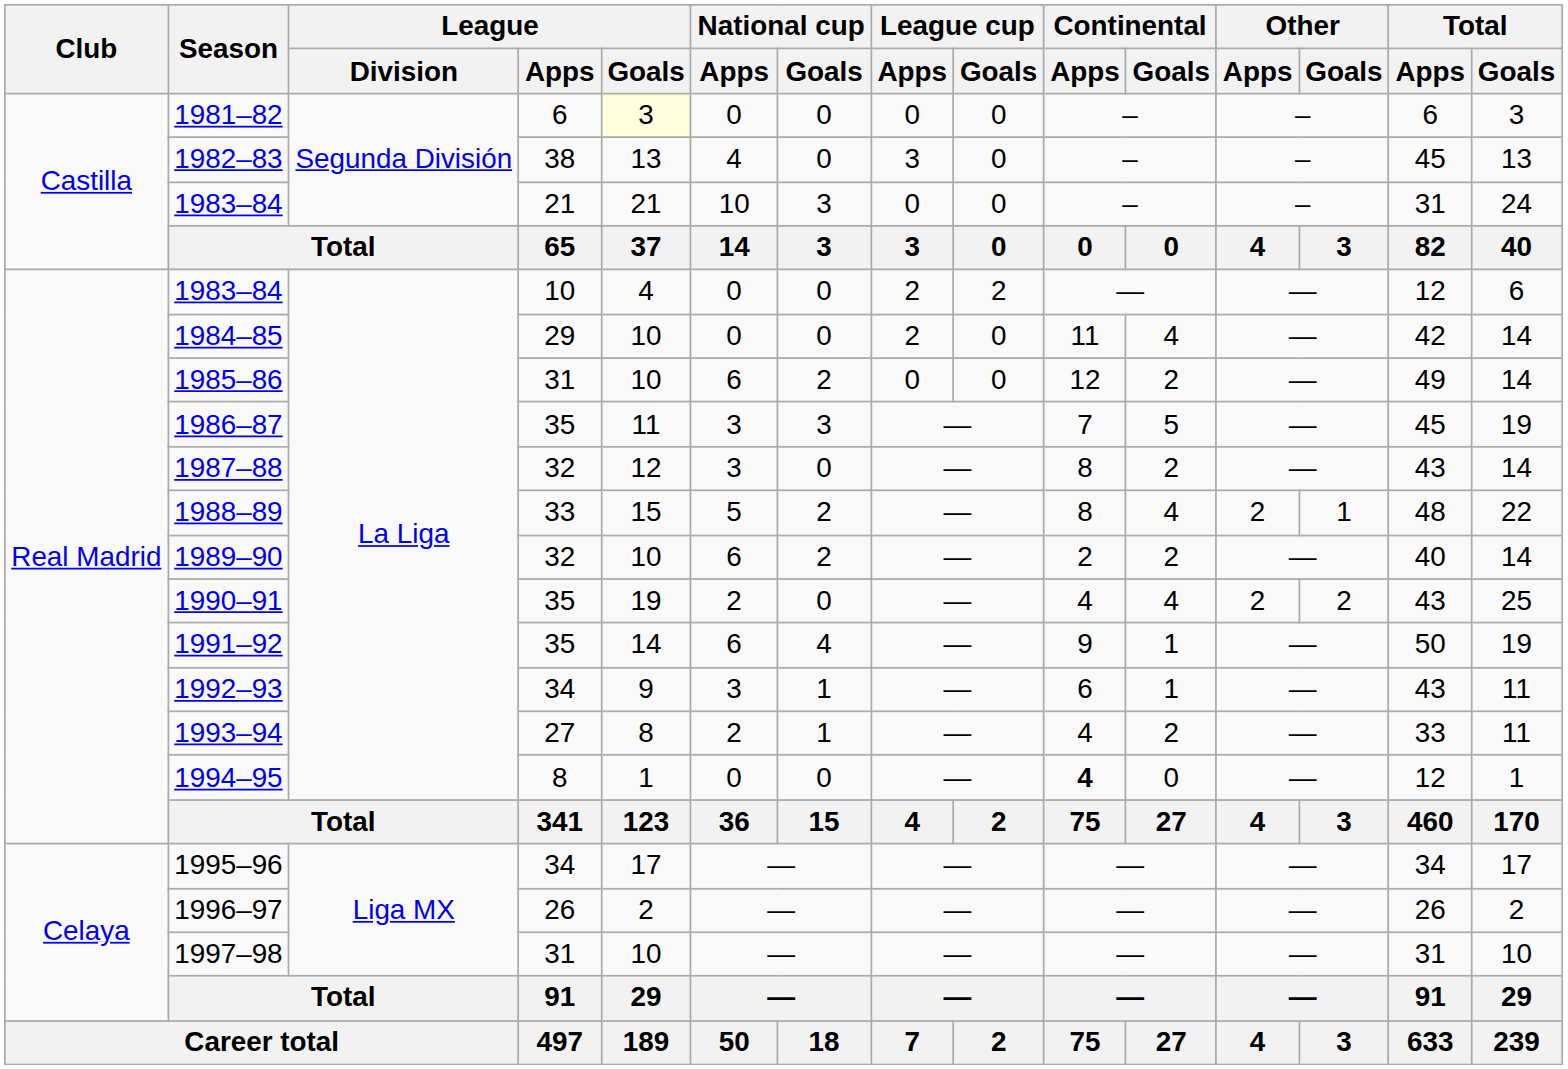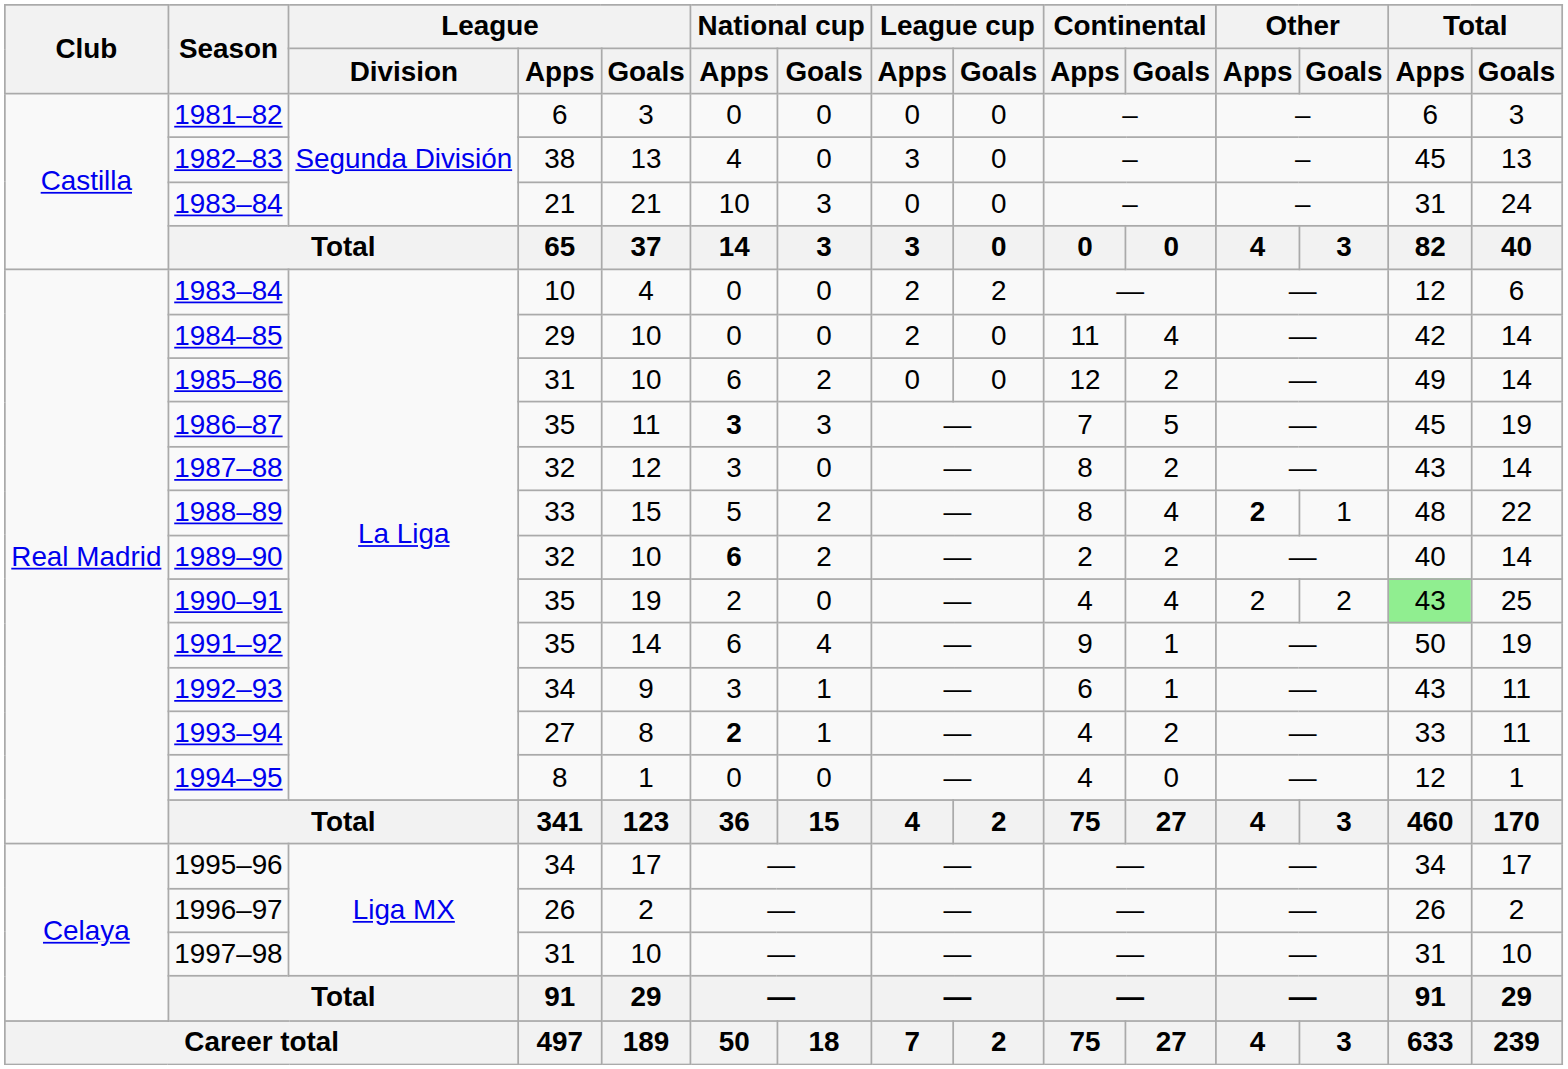 <table class="wikitable" style="text-align:center">
 <tr>
 <th rowspan="2">Club</th>
 <th rowspan="2">Season</th>
 <th colspan="3">League</th>
 <th colspan="2">National cup</th>
 <th colspan="2">League cup</th>
 <th colspan="2">Continental</th>
 <th colspan="2">Other</th>
 <th colspan="2">Total</th>
 </tr>
 <tr>
 <th>Division</th>
 <th>Apps</th>
 <th>Goals</th>
 <th>Apps</th>
 <th>Goals</th>
 <th>Apps</th>
 <th>Goals</th>
 <th>Apps</th>
 <th>Goals</th>
 <th>Apps</th>
 <th>Goals</th>
 <th>Apps</th>
 <th>Goals</th>
 </tr>
 <tr>
 <td rowspan="4"><a href='#'>Castilla</a></td>
 <td><a href='#'>1981–82</a></td>
 <td rowspan="3"><a href='#'>Segunda División</a></td>
 <td>6</td>
-<td style="background: lightyellow;">3</td>
+<td>3</td>
 <td>0</td>
 <td>0</td>
 <td>0</td>
 <td>0</td>
 <td colspan="2">–</td>
 <td colspan="2">–</td>
 <td>6</td>
 <td>3</td>
 </tr>
 <tr>
 <td><a href='#'>1982–83</a></td>
 <td>38</td>
 <td>13</td>
 <td>4</td>
 <td>0</td>
 <td>3</td>
 <td>0</td>
 <td colspan="2">–</td>
 <td colspan="2">–</td>
 <td>45</td>
 <td>13</td>
 </tr>
 <tr>
 <td><a href='#'>1983–84</a></td>
 <td>21</td>
 <td>21</td>
 <td>10</td>
 <td>3</td>
 <td>0</td>
 <td>0</td>
 <td colspan="2">–</td>
 <td colspan="2">–</td>
 <td>31</td>
 <td>24</td>
 </tr>
 <tr>
 <th colspan="2">Total</th>
 <th>65</th>
 <th>37</th>
 <th>14</th>
 <th>3</th>
 <th>3</th>
 <th>0</th>
 <th>0</th>
 <th>0</th>
 <th>4</th>
 <th>3</th>
 <th>82</th>
 <th>40</th>
 </tr>
 <tr>
 <td rowspan="13"><a href='#'>Real Madrid</a></td>
 <td><a href='#'>1983–84</a></td>
 <td rowspan="12"><a href='#'>La Liga</a></td>
 <td>10</td>
 <td>4</td>
 <td>0</td>
 <td>0</td>
 <td>2</td>
 <td>2</td>
 <td colspan="2">—</td>
 <td colspan="2">—</td>
 <td>12</td>
 <td>6</td>
 </tr>
 <tr>
 <td><a href='#'>1984–85</a></td>
 <td>29</td>
 <td>10</td>
 <td>0</td>
 <td>0</td>
 <td>2</td>
 <td>0</td>
 <td>11</td>
 <td>4</td>
 <td colspan="2">—</td>
 <td>42</td>
 <td>14</td>
 </tr>
 <tr>
 <td><a href='#'>1985–86</a></td>
 <td>31</td>
 <td>10</td>
 <td>6</td>
 <td>2</td>
 <td>0</td>
 <td>0</td>
 <td>12</td>
 <td>2</td>
 <td colspan="2">—</td>
 <td>49</td>
 <td>14</td>
 </tr>
 <tr>
 <td><a href='#'>1986–87</a></td>
 <td>35</td>
 <td>11</td>
-<td>3</td>
+<td><strong>3</strong></td>
 <td>3</td>
 <td colspan="2">—</td>
 <td>7</td>
 <td>5</td>
 <td colspan="2">—</td>
 <td>45</td>
 <td>19</td>
 </tr>
 <tr>
 <td><a href='#'>1987–88</a></td>
 <td>32</td>
 <td>12</td>
 <td>3</td>
 <td>0</td>
 <td colspan="2">—</td>
 <td>8</td>
 <td>2</td>
 <td colspan="2">—</td>
 <td>43</td>
 <td>14</td>
 </tr>
 <tr>
 <td><a href='#'>1988–89</a></td>
 <td>33</td>
 <td>15</td>
 <td>5</td>
 <td>2</td>
 <td colspan="2">—</td>
 <td>8</td>
 <td>4</td>
-<td>2</td>
+<td><strong>2</strong></td>
 <td>1</td>
 <td>48</td>
 <td>22</td>
 </tr>
 <tr>
 <td><a href='#'>1989–90</a></td>
 <td>32</td>
 <td>10</td>
-<td>6</td>
+<td><strong>6</strong></td>
 <td>2</td>
 <td colspan="2">—</td>
 <td>2</td>
 <td>2</td>
 <td colspan="2">—</td>
 <td>40</td>
 <td>14</td>
 </tr>
 <tr>
 <td><a href='#'>1990–91</a></td>
 <td>35</td>
 <td>19</td>
 <td>2</td>
 <td>0</td>
 <td colspan="2">—</td>
 <td>4</td>
 <td>4</td>
 <td>2</td>
 <td>2</td>
-<td>43</td>
+<td style="background: lightgreen;">43</td>
 <td>25</td>
 </tr>
 <tr>
 <td><a href='#'>1991–92</a></td>
 <td>35</td>
 <td>14</td>
 <td>6</td>
 <td>4</td>
 <td colspan="2">—</td>
 <td>9</td>
 <td>1</td>
 <td colspan="2">—</td>
 <td>50</td>
 <td>19</td>
 </tr>
 <tr>
 <td><a href='#'>1992–93</a></td>
 <td>34</td>
 <td>9</td>
 <td>3</td>
 <td>1</td>
 <td colspan="2">—</td>
 <td>6</td>
 <td>1</td>
 <td colspan="2">—</td>
 <td>43</td>
 <td>11</td>
 </tr>
 <tr>
 <td><a href='#'>1993–94</a></td>
 <td>27</td>
 <td>8</td>
-<td>2</td>
+<td><strong>2</strong></td>
 <td>1</td>
 <td colspan="2">—</td>
 <td>4</td>
 <td>2</td>
 <td colspan="2">—</td>
 <td>33</td>
 <td>11</td>
 </tr>
 <tr>
 <td><a href='#'>1994–95</a></td>
 <td>8</td>
 <td>1</td>
 <td>0</td>
 <td>0</td>
 <td colspan="2">—</td>
-<td><strong>4</strong></td>
+<td>4</td>
 <td>0</td>
 <td colspan="2">—</td>
 <td>12</td>
 <td>1</td>
 </tr>
 <tr>
 <th colspan="2">Total</th>
 <th>341</th>
 <th>123</th>
 <th>36</th>
 <th>15</th>
 <th>4</th>
 <th>2</th>
 <th>75</th>
 <th>27</th>
 <th>4</th>
 <th>3</th>
 <th>460</th>
 <th>170</th>
 </tr>
 <tr>
 <td rowspan="4"><a href='#'>Celaya</a></td>
 <td>1995–96</td>
 <td rowspan="3"><a href='#'>Liga MX</a></td>
 <td>34</td>
 <td>17</td>
 <td colspan="2">—</td>
 <td colspan="2">—</td>
 <td colspan="2">—</td>
 <td colspan="2">—</td>
 <td>34</td>
 <td>17</td>
 </tr>
 <tr>
 <td>1996–97</td>
 <td>26</td>
 <td>2</td>
 <td colspan="2">—</td>
 <td colspan="2">—</td>
 <td colspan="2">—</td>
 <td colspan="2">—</td>
 <td>26</td>
 <td>2</td>
 </tr>
 <tr>
 <td>1997–98</td>
 <td>31</td>
 <td>10</td>
 <td colspan="2">—</td>
 <td colspan="2">—</td>
 <td colspan="2">—</td>
 <td colspan="2">—</td>
 <td>31</td>
 <td>10</td>
 </tr>
 <tr>
 <th colspan="2">Total</th>
 <th>91</th>
 <th>29</th>
 <th colspan="2">—</th>
 <th colspan="2">—</th>
 <th colspan="2">—</th>
 <th colspan="2">—</th>
 <th>91</th>
 <th>29</th>
 </tr>
 <tr>
 <th colspan="3">Career total</th>
 <th>497</th>
 <th>189</th>
 <th>50</th>
 <th>18</th>
 <th>7</th>
 <th>2</th>
 <th>75</th>
 <th>27</th>
 <th>4</th>
 <th>3</th>
 <th>633</th>
 <th>239</th>
 </tr>
 </table>
